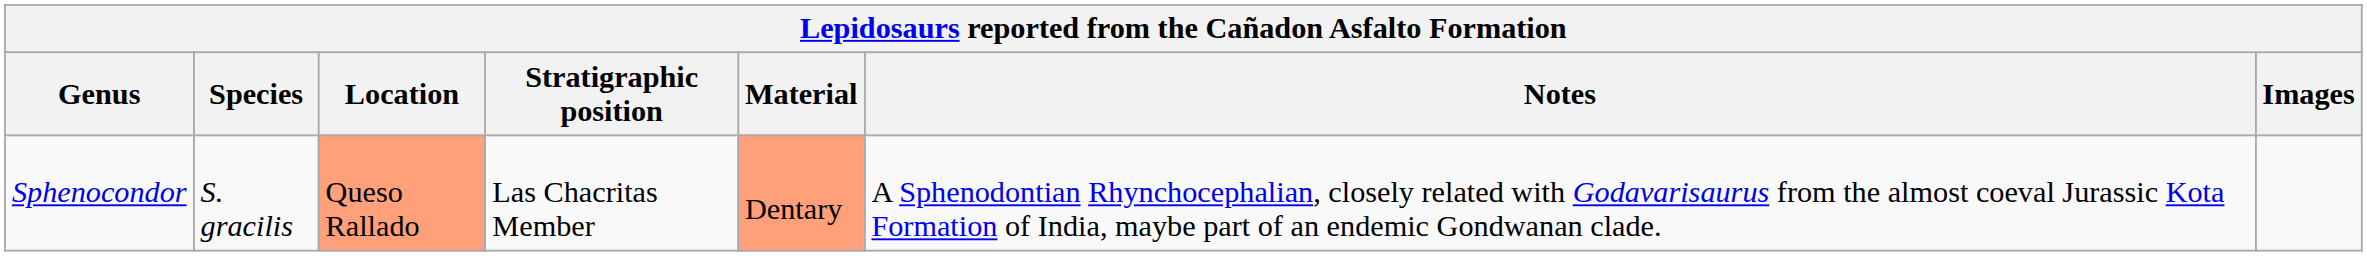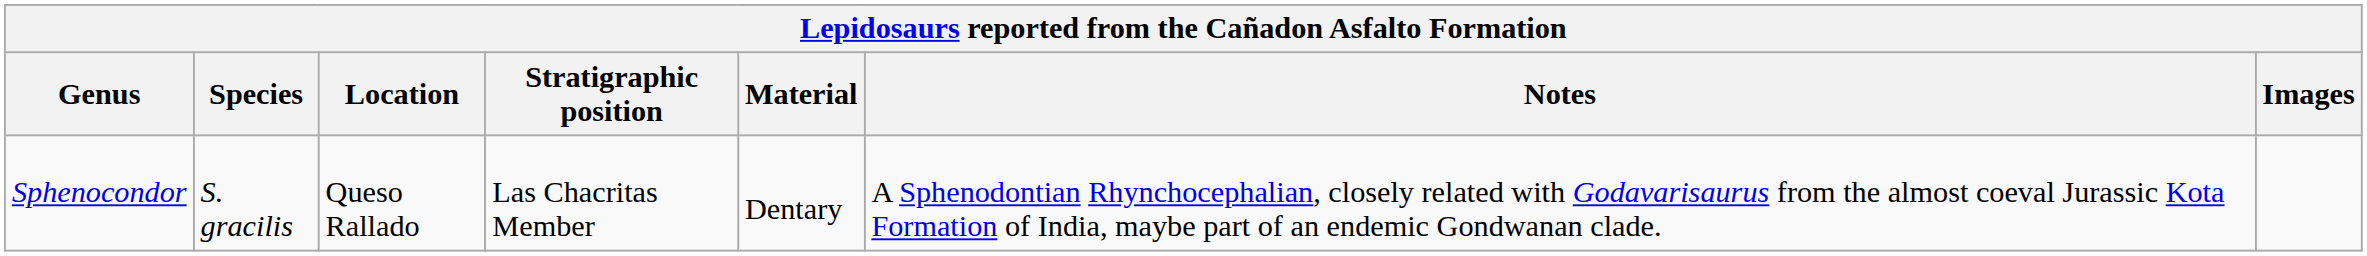 <table class="wikitable sortable">
 <tr>
 <th colspan="7" align="center"><a href='#'>Lepidosaurs</a> <strong>reported from the Cañadon Asfalto Formation</strong></th>
 </tr>
 <tr>
 <th>Genus</th>
 <th>Species</th>
 <th>Location</th>
 <th>Stratigraphic position</th>
 <th>Material</th>
 <th>Notes</th>
 <th>Images</th>
 </tr>
 <tr>
 <td><em><a href='#'>Sphenocondor</a></em></td>
 <td><br><em>S. gracilis</em></td>
-<td style="background: lightsalmon;"><br>Queso Rallado</td>
+<td><br>Queso Rallado</td>
 <td><br>Las Chacritas Member</td>
-<td style="background: lightsalmon;"><br>Dentary</td>
+<td><br>Dentary</td>
 <td><br>A <a href='#'>Sphenodontian</a> <a href='#'>Rhynchocephalian</a>, closely related with <em><a href='#'>Godavarisaurus</a></em> from the almost coeval Jurassic <a href='#'>Kota Formation</a> of India, maybe part of an endemic Gondwanan clade.</td>
 <td></td>
 </tr>
 </table>
